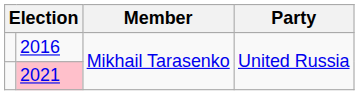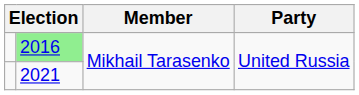 <table class="wikitable">
 <tr>
 <th colspan="2">Election</th>
 <th>Member</th>
 <th>Party</th>
 </tr>
 <tr>
 <td style="background-color: "></td>
-<td><a href='#'>2016</a></td>
+<td style="background: lightgreen;"><a href='#'>2016</a></td>
 <td rowspan=2><a href='#'>Mikhail Tarasenko</a></td>
 <td rowspan=2><a href='#'>United Russia</a></td>
 </tr>
 <tr>
 <td style="background-color: "></td>
-<td style="background: pink;"><a href='#'>2021</a></td>
+<td><a href='#'>2021</a></td>
 </tr>
 </table>
